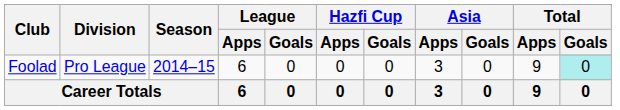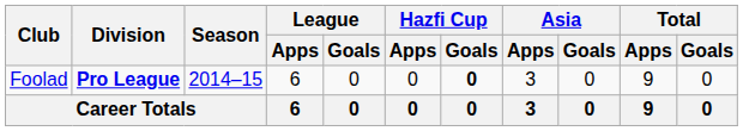 <table class="wikitable" style="text-align: center;">
 <tr>
 <th rowspan="2">Club</th>
 <th rowspan="2">Division</th>
 <th rowspan="2">Season</th>
 <th colspan="2">League</th>
 <th colspan="2"><a href='#'>Hazfi Cup</a></th>
 <th colspan="2"><a href='#'>Asia</a></th>
 <th colspan="2">Total</th>
 </tr>
 <tr>
 <th>Apps</th>
 <th>Goals</th>
 <th>Apps</th>
 <th>Goals</th>
 <th>Apps</th>
 <th>Goals</th>
 <th>Apps</th>
 <th>Goals</th>
 </tr>
 <tr>
 <td><a href='#'>Foolad</a></td>
-<td><a href='#'>Pro League</a></td>
+<td><strong><a href='#'>Pro League</a></strong></td>
 <td><a href='#'>2014–15</a></td>
 <td>6</td>
 <td>0</td>
 <td>0</td>
-<td>0</td>
+<td><strong>0</strong></td>
 <td>3</td>
 <td>0</td>
 <td>9</td>
-<td style="background: paleturquoise;">0</td>
+<td>0</td>
 </tr>
 <tr>
 <th colspan=3>Career Totals</th>
 <th>6</th>
 <th>0</th>
 <th>0</th>
 <th>0</th>
 <th>3</th>
 <th>0</th>
 <th>9</th>
 <th>0</th>
 </tr>
 </table>
